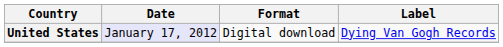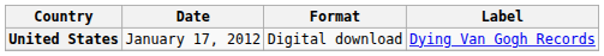 <table class="wikitable plainrowheaders">
 <tr>
 <th scope="col">Country</th>
 <th scope="col">Date</th>
 <th scope="col">Format</th>
 <th scope="col">Label</th>
 </tr>
 <tr>
 <th scope="row">United States</th>
-<td style="background: lavender;">January 17, 2012</td>
+<td>January 17, 2012</td>
 <td>Digital download</td>
 <td><a href='#'>Dying Van Gogh Records</a></td>
 </tr>
 <tr>
 </tr>
 </table>
